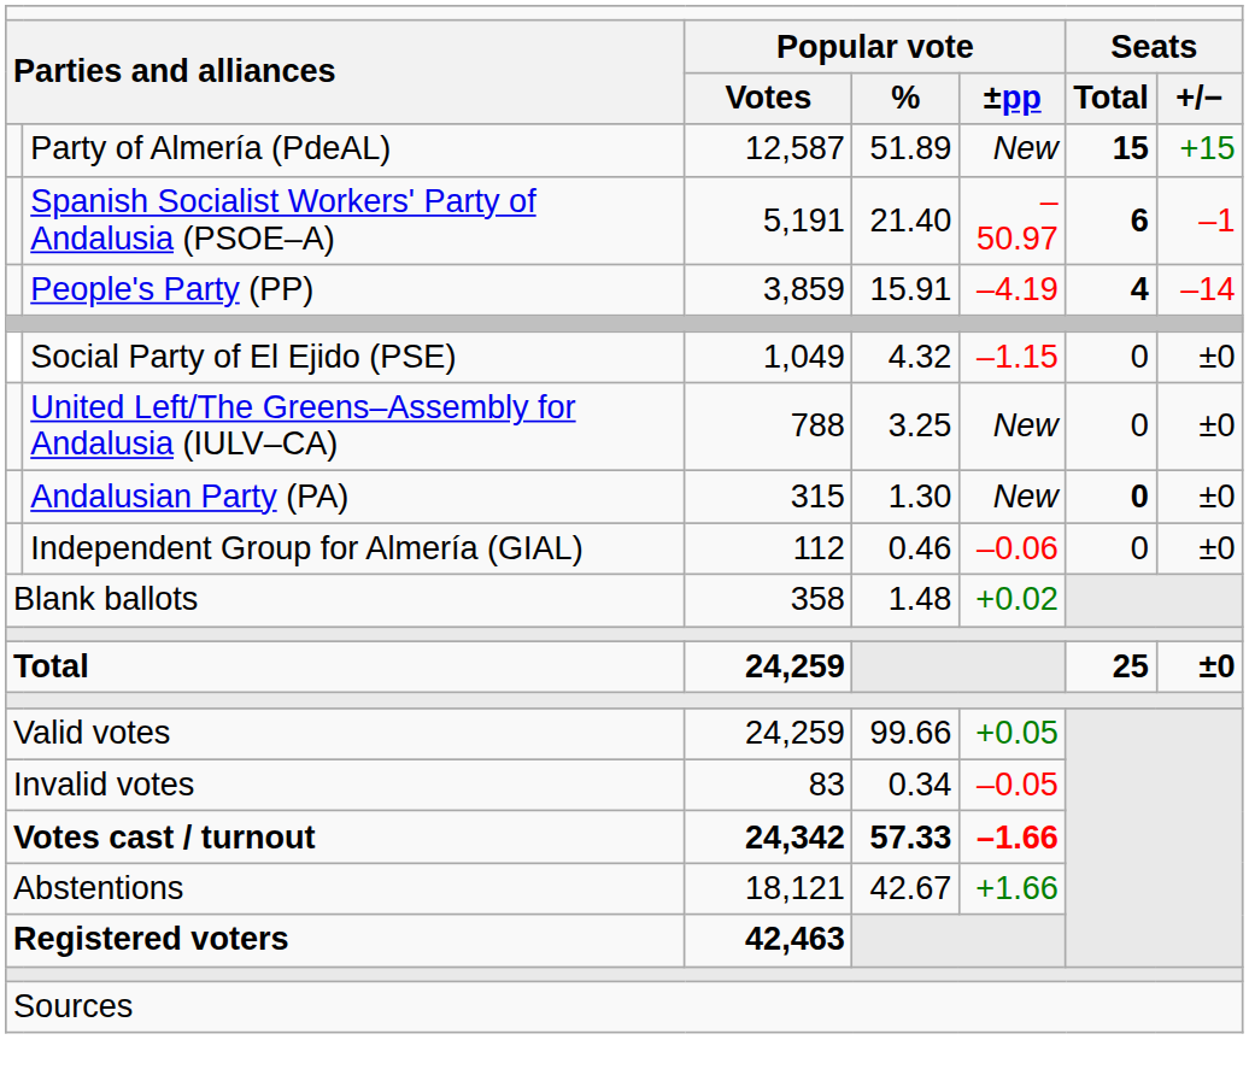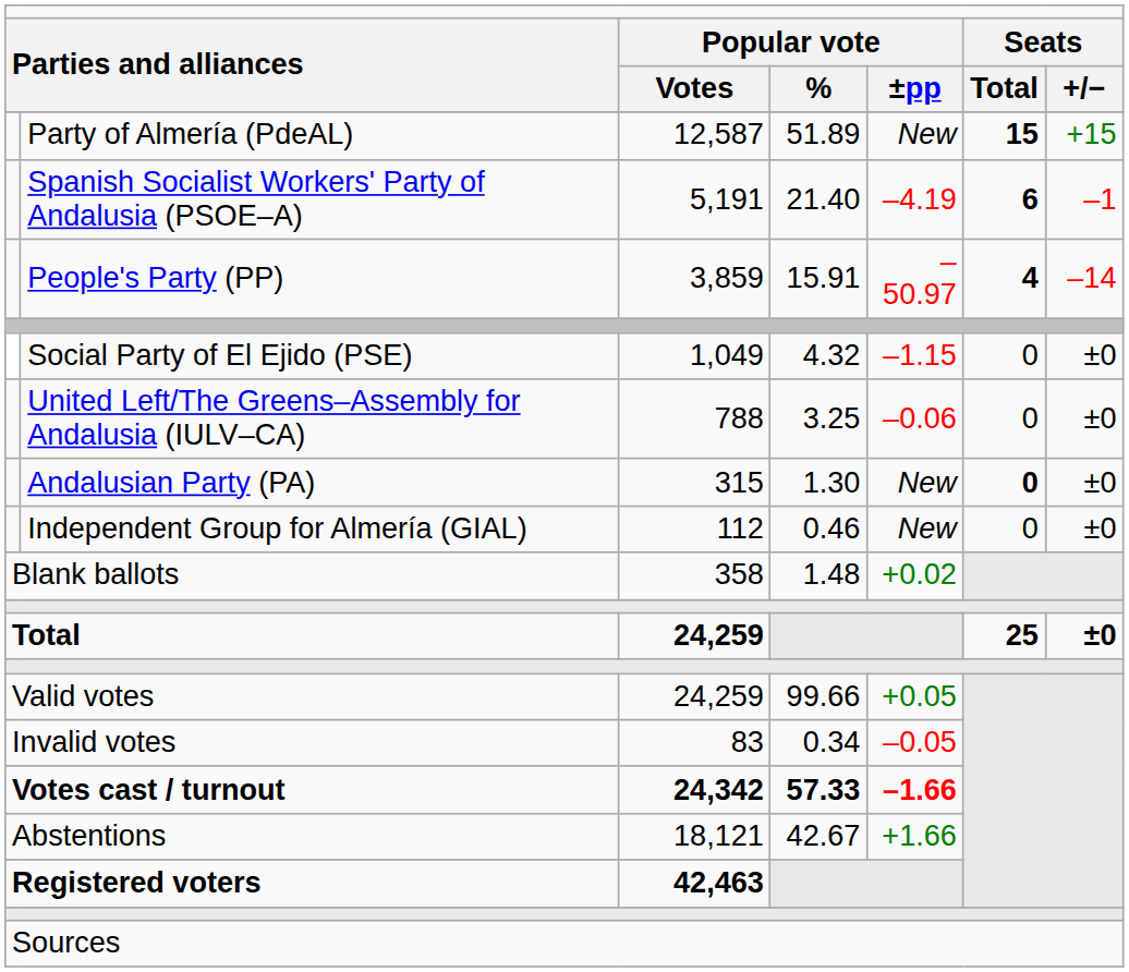 <table class="wikitable" style="text-align:right;">
 <tr>
 <td colspan="7"></td>
 </tr>
 <tr>
 <th style="text-align:left;" rowspan="2" colspan="2" width="525">Parties and alliances</th>
 <th colspan="3">Popular vote</th>
 <th colspan="2">Seats</th>
 </tr>
 <tr>
 <th width="75">Votes</th>
 <th width="45">%</th>
 <th width="45">±<a href='#'>pp</a></th>
 <th width="35">Total</th>
 <th width="35">+/−</th>
 </tr>
 <tr>
 <td width="1" style="color:inherit;background:"></td>
 <td align="left">Party of Almería (PdeAL)</td>
 <td>12,587</td>
 <td>51.89</td>
 <td><em>New</em></td>
 <td><strong>15</strong></td>
 <td style="color:green;">+15</td>
 </tr>
 <tr>
 <td style="color:inherit;background:"></td>
 <td align="left"><a href='#'>Spanish Socialist Workers' Party of Andalusia</a> (PSOE–A)</td>
 <td>5,191</td>
 <td>21.40</td>
-<td style="color:red;">–50.97</td>
+<td style="color:red;">–4.19</td>
 <td><strong>6</strong></td>
 <td style="color:red;">–1</td>
 </tr>
 <tr>
 <td style="color:inherit;background:"></td>
 <td align="left"><a href='#'>People's Party</a> (PP)</td>
 <td>3,859</td>
 <td>15.91</td>
-<td style="color:red;">–4.19</td>
+<td style="color:red;">–50.97</td>
 <td><strong>4</strong></td>
 <td style="color:red;">–14</td>
 </tr>
 <tr>
 <td colspan="7" bgcolor="#C0C0C0"></td>
 </tr>
 <tr>
 <td bgcolor="white"></td>
 <td align="left">Social Party of El Ejido (PSE)</td>
 <td>1,049</td>
 <td>4.32</td>
 <td style="color:red;">–1.15</td>
 <td>0</td>
 <td>±0</td>
 </tr>
 <tr>
 <td style="color:inherit;background:"></td>
 <td align="left"><a href='#'>United Left/The Greens–Assembly for Andalusia</a> (IULV–CA)</td>
 <td>788</td>
 <td>3.25</td>
-<td><em>New</em></td>
+<td style="color:red;">–0.06</td>
 <td>0</td>
 <td>±0</td>
 </tr>
 <tr>
 <td style="color:inherit;background:"></td>
 <td align="left"><a href='#'>Andalusian Party</a> (PA)</td>
 <td>315</td>
 <td>1.30</td>
 <td><em>New</em></td>
 <td><strong>0</strong></td>
 <td>±0</td>
 </tr>
 <tr>
 <td style="color:inherit;background:"></td>
 <td align="left">Independent Group for Almería (GIAL)</td>
 <td>112</td>
 <td>0.46</td>
-<td style="color:red;">–0.06</td>
+<td><em>New</em></td>
 <td>0</td>
 <td>±0</td>
 </tr>
 <tr>
 <td align="left" colspan="2">Blank ballots</td>
 <td>358</td>
 <td>1.48</td>
 <td style="color:green;">+0.02</td>
 <td bgcolor="#E9E9E9" colspan="2"></td>
 </tr>
 <tr>
 <td colspan="7" bgcolor="#E9E9E9"></td>
 </tr>
 <tr style="font-weight:bold;">
 <td align="left" colspan="2">Total</td>
 <td>24,259</td>
 <td bgcolor="#E9E9E9" colspan="2"></td>
 <td>25</td>
 <td>±0</td>
 </tr>
 <tr>
 <td colspan="7" bgcolor="#E9E9E9"></td>
 </tr>
 <tr>
 <td align="left" colspan="2">Valid votes</td>
 <td>24,259</td>
 <td>99.66</td>
 <td style="color:green;">+0.05</td>
 <td bgcolor="#E9E9E9" colspan="2" rowspan="5"></td>
 </tr>
 <tr>
 <td align="left" colspan="2">Invalid votes</td>
 <td>83</td>
 <td>0.34</td>
 <td style="color:red;">–0.05</td>
 </tr>
 <tr style="font-weight:bold;">
 <td align="left" colspan="2">Votes cast / turnout</td>
 <td>24,342</td>
 <td>57.33</td>
 <td style="color:red;">–1.66</td>
 </tr>
 <tr>
 <td align="left" colspan="2">Abstentions</td>
 <td>18,121</td>
 <td>42.67</td>
 <td style="color:green;">+1.66</td>
 </tr>
 <tr style="font-weight:bold;">
 <td align="left" colspan="2">Registered voters</td>
 <td>42,463</td>
 <td bgcolor="#E9E9E9" colspan="2"></td>
 </tr>
 <tr>
 <td colspan="7" bgcolor="#E9E9E9"></td>
 </tr>
 <tr>
 <td align="left" colspan="7">Sources</td>
 </tr>
 </table>
